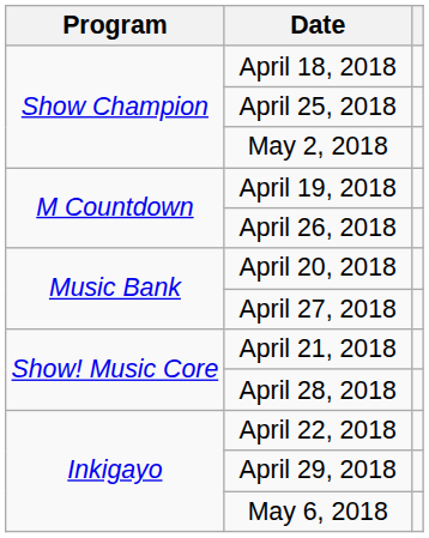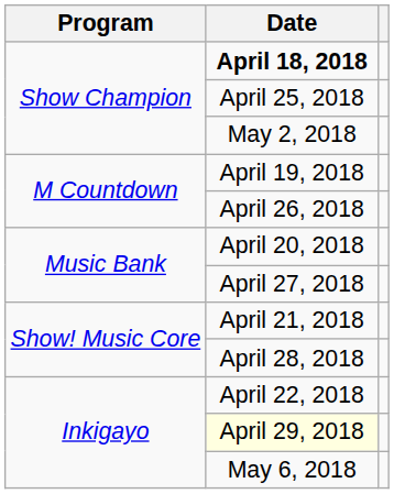 <table class="wikitable sortable" style="text-align:center">
 <tr>
 <th>Program</th>
 <th width="110">Date</th>
 <th class="unsortable"></th>
 </tr>
 <tr>
 <td rowspan="3"><em><a href='#'>Show Champion</a></em></td>
-<td>April 18, 2018</td>
+<td><strong>April 18, 2018</strong></td>
 <td></td>
 </tr>
 <tr>
 <td>April 25, 2018</td>
 <td></td>
 </tr>
 <tr>
 <td>May 2, 2018</td>
 <td></td>
 </tr>
 <tr>
 <td rowspan="2"><em><a href='#'>M Countdown</a></em></td>
 <td>April 19, 2018</td>
 <td></td>
 </tr>
 <tr>
 <td>April 26, 2018</td>
 <td></td>
 </tr>
 <tr>
 <td rowspan="2"><em><a href='#'>Music Bank</a></em></td>
 <td>April 20, 2018</td>
 <td></td>
 </tr>
 <tr>
 <td>April 27, 2018</td>
 <td></td>
 </tr>
 <tr>
 <td rowspan="2"><em><a href='#'>Show! Music Core</a></em></td>
 <td>April 21, 2018</td>
 <td></td>
 </tr>
 <tr>
 <td>April 28, 2018</td>
 <td></td>
 </tr>
 <tr>
 <td rowspan="3"><em><a href='#'>Inkigayo</a></em></td>
 <td>April 22, 2018</td>
 <td></td>
 </tr>
 <tr>
-<td>April 29, 2018</td>
+<td style="background: lightyellow;">April 29, 2018</td>
 <td></td>
 </tr>
 <tr>
 <td>May 6, 2018</td>
 <td></td>
 </tr>
 </table>
